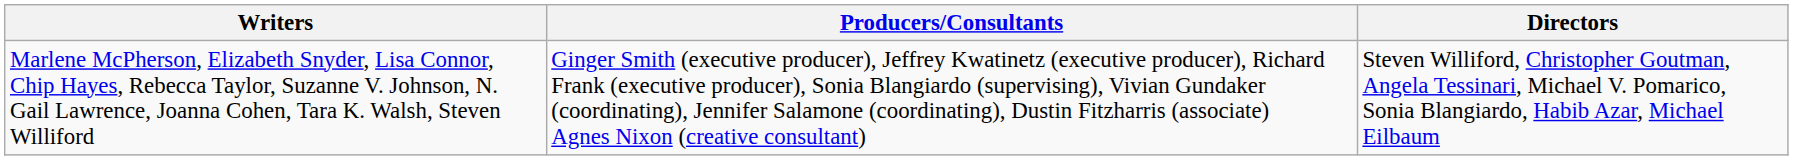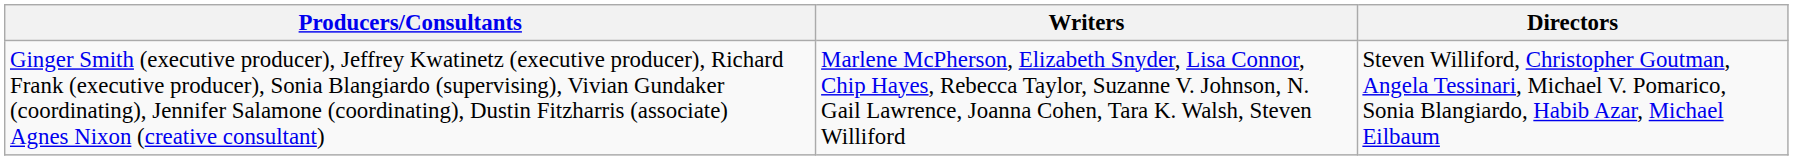 <table class="wikitable">
 <tr>
+<th><a href='#'>Producers/Consultants</a></th>
 <th>Writers</th>
-<th><a href='#'>Producers/Consultants</a></th>
 <th>Directors</th>
 </tr>
 <tr>
+<td><a href='#'>Ginger Smith</a> (executive producer), Jeffrey Kwatinetz (executive producer), Richard Frank (executive producer), Sonia Blangiardo (supervising), Vivian Gundaker (coordinating), Jennifer Salamone (coordinating), Dustin Fitzharris (associate)<br><a href='#'>Agnes Nixon</a> (<a href='#'>creative consultant</a>)</td>
 <td><a href='#'>Marlene McPherson</a>, <a href='#'>Elizabeth Snyder</a>, <a href='#'>Lisa Connor</a>, <a href='#'>Chip Hayes</a>, Rebecca Taylor, Suzanne V. Johnson, N. Gail Lawrence, Joanna Cohen, Tara K. Walsh, Steven Williford</td>
-<td><a href='#'>Ginger Smith</a> (executive producer), Jeffrey Kwatinetz (executive producer), Richard Frank (executive producer), Sonia Blangiardo (supervising), Vivian Gundaker (coordinating), Jennifer Salamone (coordinating), Dustin Fitzharris (associate)<br><a href='#'>Agnes Nixon</a> (<a href='#'>creative consultant</a>)</td>
 <td>Steven Williford, <a href='#'>Christopher Goutman</a>, <a href='#'>Angela Tessinari</a>, Michael V. Pomarico, Sonia Blangiardo, <a href='#'>Habib Azar</a>, <a href='#'>Michael Eilbaum</a></td>
 </tr>
 </table>
